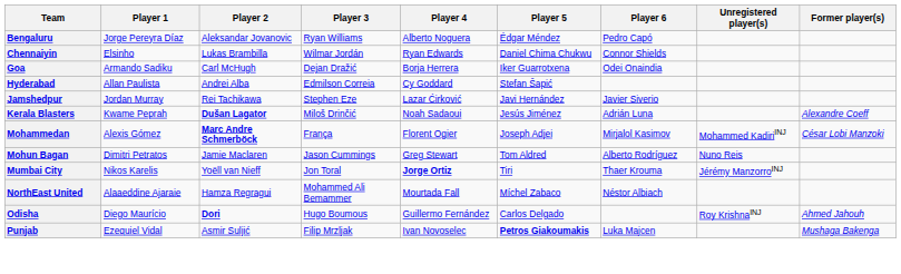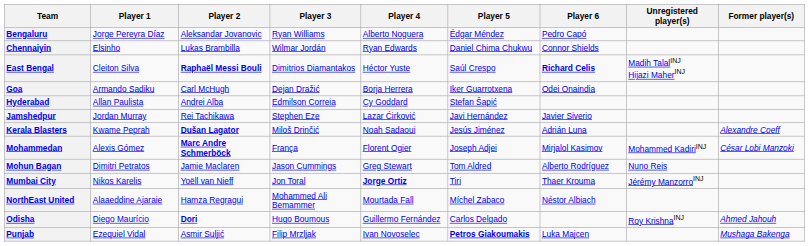 <table class="wikitable" style="text-align: left; font-size:small;">
 <tr>
 <th scope=col style="width:160px;">Team</th>
 <th scope=col style="width:180px;">Player 1</th>
 <th scope=col style="width:180px;">Player 2</th>
 <th scope=col style="width:180px;">Player 3</th>
 <th scope=col style="width:180px;">Player 4</th>
 <th scope=col style="width:180px;">Player 5</th>
 <th scope=col style="width:180px;">Player 6</th>
 <th scope=col style="width:180px;">Unregistered player(s)</th>
 <th scope=col style="width:180px">Former player(s)</th>
 </tr>
 <tr>
 <th scope=row style="text-align: left;"><a href='#'>Bengaluru</a></th>
 <td> <a href='#'>Jorge Pereyra Díaz</a></td>
 <td> <a href='#'>Aleksandar Jovanovic</a></td>
 <td> <a href='#'>Ryan Williams</a></td>
 <td> <a href='#'>Alberto Noguera</a></td>
 <td> <a href='#'>Édgar Méndez</a></td>
 <td> <a href='#'>Pedro Capó</a></td>
 <td></td>
 <td></td>
 </tr>
 <tr>
 <th scope=row style="text-align: left;"><a href='#'>Chennaiyin</a></th>
 <td> <a href='#'>Elsinho</a></td>
 <td> <a href='#'>Lukas Brambilla</a></td>
 <td> <a href='#'>Wilmar Jordán</a></td>
 <td> <a href='#'>Ryan Edwards</a></td>
 <td> <a href='#'>Daniel Chima Chukwu</a></td>
 <td> <a href='#'>Connor Shields</a></td>
 <td></td>
+<td></td>
+</tr>
+<tr>
+<th scope=row style="text-align: left;"><a href='#'>East Bengal</a></th>
+<td> <a href='#'>Cleiton Silva</a></td>
+<td> <strong><a href='#'>Raphaël Messi Bouli</a></strong></td>
+<td> <a href='#'>Dimitrios Diamantakos</a></td>
+<td> <a href='#'>Héctor Yuste</a></td>
+<td> <a href='#'>Saúl Crespo</a></td>
+<td> <strong><a href='#'>Richard Celis</a></strong></td>
+<td> <a href='#'>Madih Talal</a><sup>INJ</sup><br> <a href='#'>Hijazi Maher</a><sup>INJ</sup></td>
 <td></td>
 </tr>
 <tr>
 <th scope=row style="text-align: left;"><a href='#'>Goa</a></th>
 <td> <a href='#'>Armando Sadiku</a></td>
 <td> <a href='#'>Carl McHugh</a></td>
 <td> <a href='#'>Dejan Dražić</a></td>
 <td> <a href='#'>Borja Herrera</a></td>
 <td> <a href='#'>Iker Guarrotxena</a></td>
 <td> <a href='#'>Odei Onaindia</a></td>
 <td></td>
 <td></td>
 </tr>
 <tr>
 <th scope=row style="text-align: left;"><a href='#'>Hyderabad</a></th>
 <td> <a href='#'>Allan Paulista</a></td>
 <td> <a href='#'>Andrei Alba</a></td>
 <td> <a href='#'>Edmilson Correia</a></td>
 <td> <a href='#'>Cy Goddard</a></td>
 <td> <a href='#'>Stefan Šapić</a></td>
 <td></td>
 <td></td>
 <td></td>
 </tr>
 <tr>
 <th scope=row style="text-align: left;"><a href='#'>Jamshedpur</a></th>
 <td> <a href='#'>Jordan Murray</a></td>
 <td> <a href='#'>Rei Tachikawa</a></td>
 <td> <a href='#'>Stephen Eze</a></td>
 <td> <a href='#'>Lazar Ćirković</a></td>
 <td> <a href='#'>Javi Hernández</a></td>
 <td> <a href='#'>Javier Siverio</a></td>
 <td></td>
 <td></td>
 </tr>
 <tr>
 <th scope=row style="text-align: left;"><a href='#'>Kerala Blasters</a></th>
 <td> <a href='#'>Kwame Peprah</a></td>
 <td> <strong><a href='#'>Dušan Lagator</a></strong></td>
 <td> <a href='#'>Miloš Drinčić</a></td>
 <td> <a href='#'>Noah Sadaoui</a></td>
 <td> <a href='#'>Jesús Jiménez</a></td>
 <td> <a href='#'>Adrián Luna</a></td>
 <td></td>
 <td> <em><a href='#'>Alexandre Coeff</a></em></td>
 </tr>
 <tr>
 <th scope=row style="text-align: left;"><a href='#'>Mohammedan</a></th>
 <td> <a href='#'>Alexis Gómez</a></td>
 <td> <strong><a href='#'>Marc Andre Schmerböck</a></strong></td>
 <td> <a href='#'>França</a></td>
 <td> <a href='#'>Florent Ogier</a></td>
 <td> <a href='#'>Joseph Adjei</a></td>
 <td> <a href='#'>Mirjalol Kasimov</a></td>
 <td> <a href='#'>Mohammed Kadiri</a><sup>INJ</sup></td>
 <td> <em><a href='#'>César Lobi Manzoki</a></em></td>
 </tr>
 <tr>
 <th scope=row style="text-align: left;"><a href='#'>Mohun Bagan</a></th>
 <td> <a href='#'>Dimitri Petratos</a></td>
 <td> <a href='#'>Jamie Maclaren</a></td>
 <td> <a href='#'>Jason Cummings</a></td>
 <td> <a href='#'>Greg Stewart</a></td>
 <td> <a href='#'>Tom Aldred</a></td>
 <td> <a href='#'>Alberto Rodríguez</a></td>
 <td> <a href='#'>Nuno Reis</a></td>
 <td></td>
 </tr>
 <tr>
 <th scope=row style="text-align: left;"><a href='#'>Mumbai City</a></th>
 <td> <a href='#'>Nikos Karelis</a></td>
 <td> <a href='#'>Yoëll van Nieff</a></td>
 <td> <a href='#'>Jon Toral</a></td>
 <td> <strong><a href='#'>Jorge Ortiz</a></strong></td>
 <td> <a href='#'>Tiri</a></td>
 <td> <a href='#'>Thaer Krouma</a></td>
 <td> <a href='#'>Jérémy Manzorro</a><sup>INJ</sup></td>
 <td></td>
 </tr>
 <tr>
 <th scope=row style="text-align: left;"><a href='#'>NorthEast United</a></th>
 <td> <a href='#'>Alaaeddine Ajaraie</a></td>
 <td> <a href='#'>Hamza Regragui</a></td>
 <td> <a href='#'>Mohammed Ali Bemammer</a></td>
 <td> <a href='#'>Mourtada Fall</a></td>
 <td> <a href='#'>Míchel Zabaco</a></td>
 <td> <a href='#'>Néstor Albiach</a></td>
 <td></td>
 <td></td>
 </tr>
 <tr>
 <th scope=row style="text-align: left;"><a href='#'>Odisha</a></th>
 <td> <a href='#'>Diego Maurício</a></td>
 <td> <strong><a href='#'>Dori</a></strong></td>
 <td> <a href='#'>Hugo Boumous</a></td>
 <td> <a href='#'>Guillermo Fernández</a></td>
 <td> <a href='#'>Carlos Delgado</a></td>
 <td></td>
 <td> <a href='#'>Roy Krishna</a><sup>INJ</sup></td>
 <td> <em><a href='#'>Ahmed Jahouh</a></em></td>
 </tr>
 <tr>
 <th scope=row style="text-align: left;"><a href='#'>Punjab</a></th>
 <td> <a href='#'>Ezequiel Vidal</a></td>
 <td> <a href='#'>Asmir Suljić</a></td>
 <td> <a href='#'>Filip Mrzljak</a></td>
 <td> <a href='#'>Ivan Novoselec</a></td>
 <td> <strong><a href='#'>Petros Giakoumakis</a></strong></td>
 <td> <a href='#'>Luka Majcen</a></td>
 <td></td>
 <td> <em><a href='#'>Mushaga Bakenga</a></em></td>
 </tr>
 </table>
